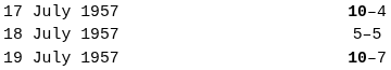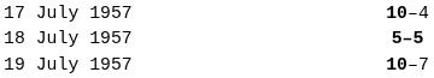 <table style="text-align:center" width=500>
 <tr>
 <th width=30%></th>
 <th width=30%></th>
 <th width=10%></th>
 <th width=30%></th>
 <th width=10%></th>
 </tr>
 <tr>
 <td>17 July 1957</td>
 <td align="right"><strong></strong></td>
 <td><strong>10</strong>–4</td>
 <td align="left"></td>
 </tr>
 <tr>
 <td>18 July 1957</td>
 <td align="right"></td>
-<td>5–5</td>
+<td><strong>5–5</strong></td>
 <td align="left"></td>
 </tr>
 <tr>
 <td>19 July 1957</td>
 <td align="right"><strong></strong></td>
 <td><strong>10</strong>–7</td>
 <td align="left"></td>
 </tr>
 </table>
